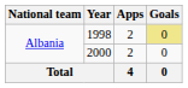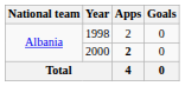 <table class=wikitable style="text-align: center;">
 <tr>
 <th>National team</th>
 <th>Year</th>
 <th>Apps</th>
 <th>Goals</th>
 </tr>
 <tr>
 <td rowspan=2><a href='#'>Albania</a></td>
 <td>1998</td>
 <td>2</td>
-<td style="background: khaki;">0</td>
+<td>0</td>
 </tr>
 <tr>
 <td>2000</td>
-<td>2</td>
+<td><strong>2</strong></td>
 <td>0</td>
 </tr>
 <tr>
 <th colspan=2>Total</th>
 <th>4</th>
 <th>0</th>
 </tr>
 </table>
